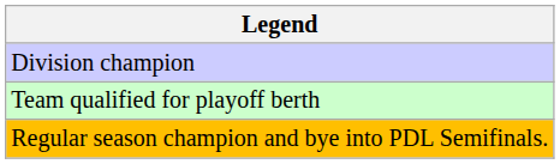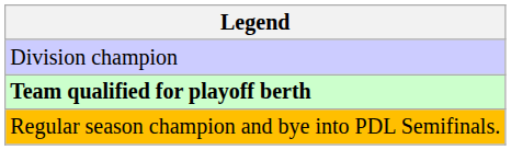 <table class="wikitable">
 <tr>
 <th>Legend</th>
 </tr>
 <tr style="background:#ccf;">
 <td>Division champion</td>
 </tr>
 <tr style="background:#cfc;">
-<td>Team qualified for playoff berth</td>
+<td><strong>Team qualified for playoff berth</strong></td>
 </tr>
 <tr style="background:#FFBF00;">
 <td>Regular season champion and bye into PDL Semifinals.</td>
 </tr>
 </table>
